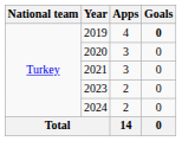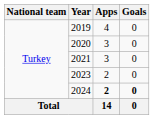 <table class=wikitable style=text-align:center>
 <tr>
 <th>National team</th>
 <th>Year</th>
 <th>Apps</th>
 <th>Goals</th>
 </tr>
 <tr>
 <td rowspan="5"><a href='#'>Turkey</a></td>
 <td>2019</td>
 <td>4</td>
-<td><strong>0</strong></td>
+<td>0</td>
 </tr>
 <tr>
 <td>2020</td>
 <td>3</td>
 <td>0</td>
 </tr>
 <tr>
 <td>2021</td>
 <td>3</td>
 <td>0</td>
 </tr>
 <tr>
 <td>2023</td>
 <td>2</td>
 <td>0</td>
 </tr>
 <tr>
 <td>2024</td>
-<td>2</td>
-<td>0</td>
+<td><strong>2</strong></td>
+<td><strong>0</strong></td>
 </tr>
 <tr>
 <th colspan="2">Total</th>
 <th>14</th>
 <th>0</th>
 </tr>
 </table>
